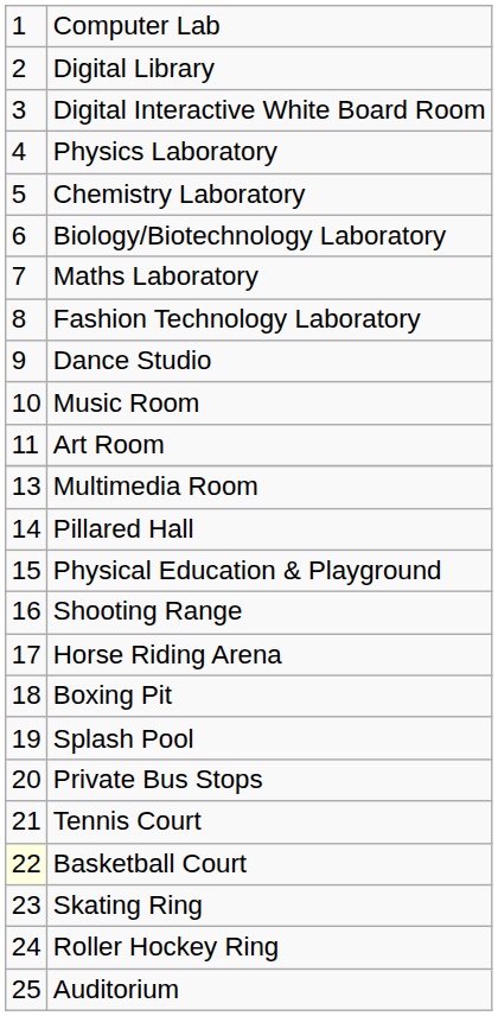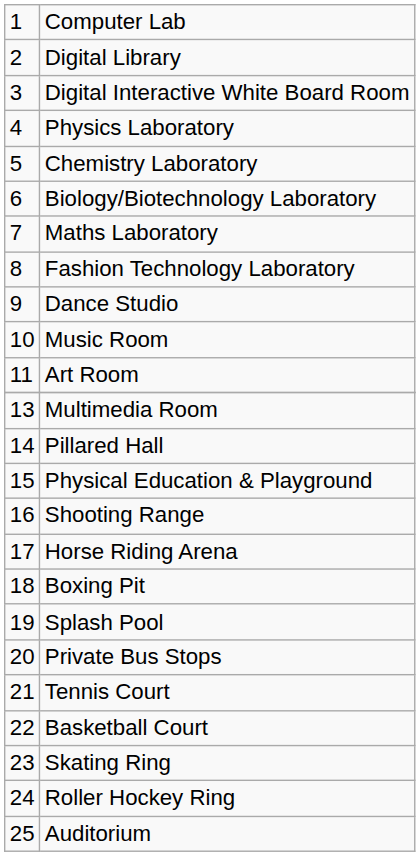 <table class="wikitable">
 <tr>
 <td>1</td>
 <td>Computer Lab</td>
 </tr>
 <tr>
 <td>2</td>
 <td>Digital Library</td>
 </tr>
 <tr>
 <td>3</td>
 <td>Digital Interactive White Board Room</td>
 </tr>
 <tr>
 <td>4</td>
 <td>Physics Laboratory</td>
 </tr>
 <tr>
 <td>5</td>
 <td>Chemistry Laboratory</td>
 </tr>
 <tr>
 <td>6</td>
 <td>Biology/Biotechnology Laboratory</td>
 </tr>
 <tr>
 <td>7</td>
 <td>Maths Laboratory</td>
 </tr>
 <tr>
 <td>8</td>
 <td>Fashion Technology Laboratory</td>
 </tr>
 <tr>
 <td>9</td>
 <td>Dance Studio</td>
 </tr>
 <tr>
 <td>10</td>
 <td>Music Room</td>
 </tr>
 <tr>
 <td>11</td>
 <td>Art Room</td>
 </tr>
 <tr>
 </tr>
 <tr 12 || Gymnasium>
 </tr>
 <tr>
 <td>13</td>
 <td>Multimedia Room</td>
 </tr>
 <tr>
 <td>14</td>
 <td>Pillared Hall</td>
 </tr>
 <tr>
 <td>15</td>
 <td>Physical Education & Playground</td>
 </tr>
 <tr>
 <td>16</td>
 <td>Shooting Range</td>
 </tr>
 <tr>
 <td>17</td>
 <td>Horse Riding Arena</td>
 </tr>
 <tr>
 <td>18</td>
 <td>Boxing Pit</td>
 </tr>
 <tr>
 <td>19</td>
 <td>Splash Pool</td>
 </tr>
 <tr>
 <td>20</td>
 <td>Private Bus Stops</td>
 </tr>
 <tr>
 <td>21</td>
 <td>Tennis Court</td>
 </tr>
 <tr>
-<td style="background: lightyellow;">22</td>
+<td>22</td>
 <td>Basketball Court</td>
 </tr>
 <tr>
 <td>23</td>
 <td>Skating Ring</td>
 </tr>
 <tr>
 <td>24</td>
 <td>Roller Hockey Ring</td>
 </tr>
 <tr>
 <td>25</td>
 <td>Auditorium</td>
 </tr>
 </table>
